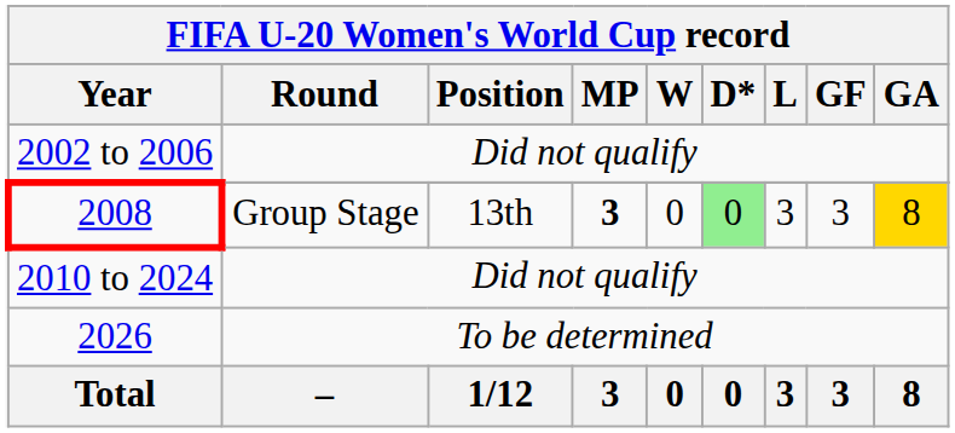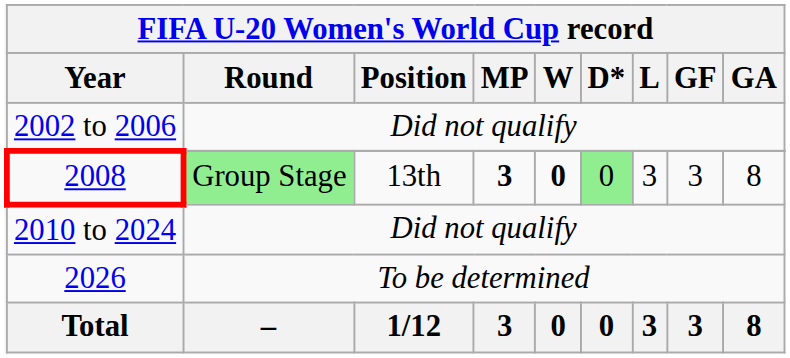 <table class="wikitable" style="text-align: center;">
 <tr>
 <th colspan=10><a href='#'>FIFA U-20 Women's World Cup</a> record</th>
 </tr>
 <tr>
 <th>Year</th>
 <th>Round</th>
 <th>Position</th>
 <th>MP</th>
 <th>W</th>
 <th>D*</th>
 <th>L</th>
 <th>GF</th>
 <th>GA</th>
 </tr>
 <tr>
 <td> <a href='#'>2002</a> to   <a href='#'>2006</a></td>
 <td colspan=9><em>Did not qualify</em></td>
 </tr>
 <tr>
 </tr>
 <tr>
 <td style="border: 3px solid red"> <a href='#'>2008</a></td>
-<td>Group Stage</td>
+<td style="background: lightgreen;">Group Stage</td>
 <td>13th</td>
 <td><strong>3</strong></td>
-<td>0</td>
+<td><strong>0</strong></td>
 <td style="background: lightgreen;">0</td>
 <td>3</td>
 <td>3</td>
-<td style="background: gold;">8</td>
+<td>8</td>
 </tr>
 <tr>
 <td> <a href='#'>2010</a> to   <a href='#'>2024</a></td>
 <td colspan=9><em>Did not qualify</em></td>
 </tr>
 <tr>
 <td> <a href='#'>2026</a></td>
 <td colspan=9><em>To be determined</em></td>
 </tr>
 <tr>
 <th>Total</th>
 <th>–</th>
 <th>1/12</th>
 <th>3</th>
 <th>0</th>
 <th>0</th>
 <th>3</th>
 <th>3</th>
 <th>8</th>
 </tr>
 </table>
